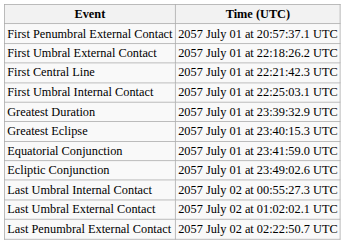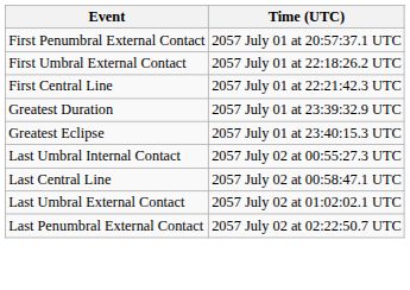 <table class="wikitable">
 <tr>
 <th>Event</th>
 <th>Time (UTC)</th>
 </tr>
 <tr>
 <td>First Penumbral External Contact</td>
 <td>2057 July 01 at 20:57:37.1 UTC</td>
 </tr>
 <tr>
 <td>First Umbral External Contact</td>
 <td>2057 July 01 at 22:18:26.2 UTC</td>
 </tr>
 <tr>
 <td>First Central Line</td>
 <td>2057 July 01 at 22:21:42.3 UTC</td>
 </tr>
 <tr>
-<td>First Umbral Internal Contact</td>
-<td>2057 July 01 at 22:25:03.1 UTC</td>
-</tr>
-<tr>
 <td>Greatest Duration</td>
 <td>2057 July 01 at 23:39:32.9 UTC</td>
 </tr>
 <tr>
 <td>Greatest Eclipse</td>
 <td>2057 July 01 at 23:40:15.3 UTC</td>
 </tr>
 <tr>
-<td>Equatorial Conjunction</td>
-<td>2057 July 01 at 23:41:59.0 UTC</td>
+<td>Last Umbral Internal Contact</td>
+<td>2057 July 02 at 00:55:27.3 UTC</td>
 </tr>
 <tr>
-<td>Ecliptic Conjunction</td>
-<td>2057 July 01 at 23:49:02.6 UTC</td>
-</tr>
-<tr>
-<td>Last Umbral Internal Contact</td>
-<td>2057 July 02 at 00:55:27.3 UTC</td>
+<td>Last Central Line</td>
+<td>2057 July 02 at 00:58:47.1 UTC</td>
 </tr>
 <tr>
 <td>Last Umbral External Contact</td>
 <td>2057 July 02 at 01:02:02.1 UTC</td>
 </tr>
 <tr>
 <td>Last Penumbral External Contact</td>
 <td>2057 July 02 at 02:22:50.7 UTC</td>
 </tr>
 </table>
